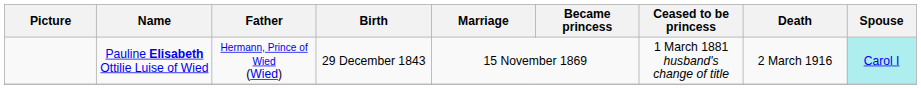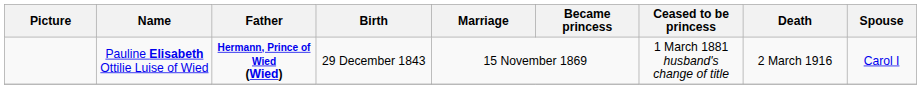 <table width=95% class="wikitable">
 <tr>
 <th width = "8%">Picture</th>
 <th width = "10%">Name</th>
 <th width = "9%">Father</th>
 <th width = "10%">Birth</th>
 <th width = "9%">Marriage</th>
 <th width = "9%">Became princess</th>
 <th width = "9%">Ceased to be princess</th>
 <th width = "9%">Death</th>
 <th width = "6%">Spouse</th>
 </tr>
 <tr>
 <td align="center"></td>
 <td align="center"><a href='#'>Pauline <strong>Elisabeth</strong> Ottilie Luise of Wied</a></td>
-<td align="center"><small><a href='#'>Hermann, Prince of Wied</a></small><br>(<a href='#'>Wied</a>)</td>
+<td align="center"><strong><small><a href='#'>Hermann, Prince of Wied</a></small><br>(<a href='#'>Wied</a>)</strong></td>
 <td align="center">29 December 1843</td>
 <td align="center" colspan="2">15 November 1869</td>
 <td align="center">1 March 1881<br><em>husband's change of title</em></td>
 <td align="center">2 March 1916</td>
-<td align="center" style="background: paleturquoise;"><a href='#'>Carol I</a></td>
+<td align="center"><a href='#'>Carol I</a></td>
 </tr>
 <tr>
 </tr>
 </table>
